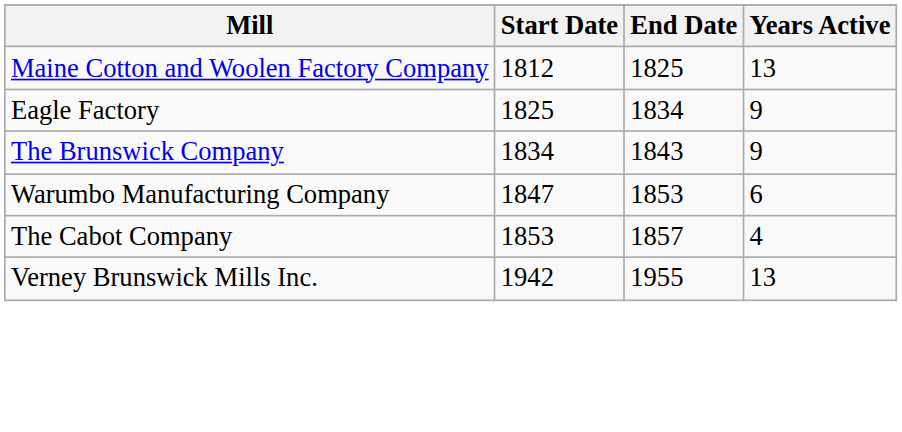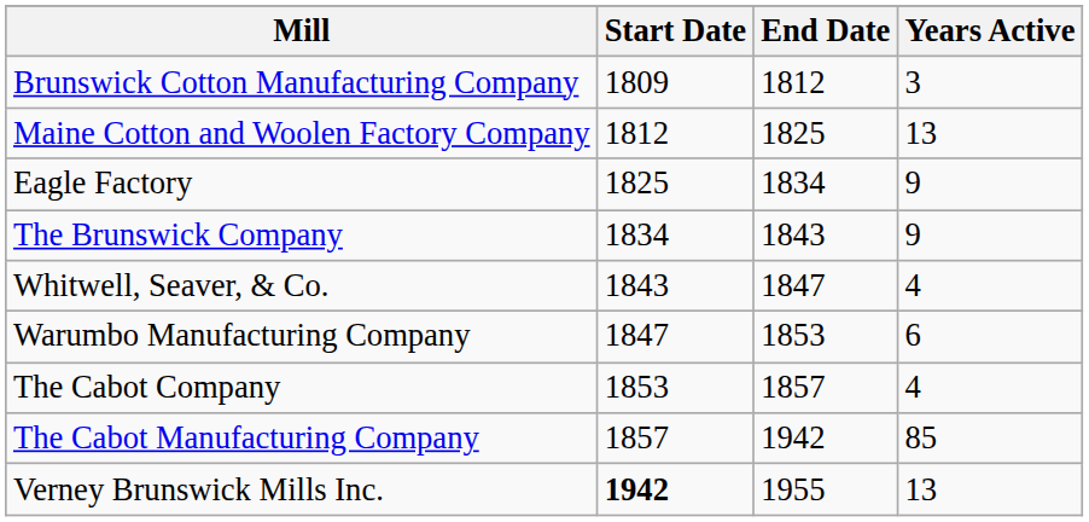 <table class="wikitable">
 <tr style="background-color:#eaecf0;">
 </tr>
 <tr style="background-color:#eaecf0;">
 <th scope="col">Mill</th>
 <th scope="col">Start Date</th>
 <th scope="col">End Date</th>
 <th scope="col">Years Active</th>
+</tr>
+<tr>
+<td scope="row"><a href='#'>Brunswick Cotton Manufacturing Company</a></td>
+<td>1809</td>
+<td>1812</td>
+<td>3</td>
 </tr>
 <tr>
 <td scope="row"><a href='#'>Maine Cotton and Woolen Factory Company</a></td>
 <td>1812</td>
 <td>1825</td>
 <td>13</td>
 </tr>
 <tr>
 <td scope="row">Eagle Factory</td>
 <td>1825</td>
 <td>1834</td>
 <td>9</td>
 </tr>
 <tr>
 <td scope="row"><a href='#'>The Brunswick Company</a></td>
 <td>1834</td>
 <td>1843</td>
 <td>9</td>
 </tr>
 <tr>
+<td scope="row">Whitwell, Seaver, & Co.</td>
+<td>1843</td>
+<td>1847</td>
+<td>4</td>
+</tr>
+<tr>
 <td scope="row">Warumbo Manufacturing Company</td>
 <td>1847</td>
 <td>1853</td>
 <td>6</td>
 </tr>
 <tr>
 <td scope="row">The Cabot Company</td>
 <td>1853</td>
 <td>1857</td>
 <td>4</td>
 </tr>
 <tr>
+<td scope="row"><a href='#'>The Cabot Manufacturing Company</a></td>
+<td>1857</td>
+<td>1942</td>
+<td>85</td>
+</tr>
+<tr>
 <td scope="row">Verney Brunswick Mills Inc.</td>
-<td>1942</td>
+<td><strong>1942</strong></td>
 <td>1955</td>
 <td>13</td>
 </tr>
 </table>
